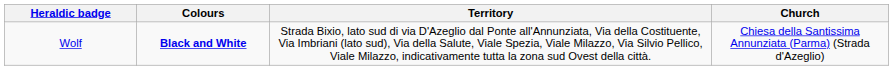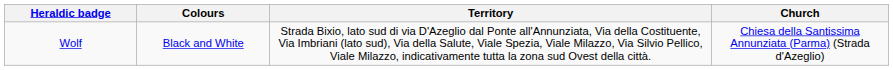 <table class="wikitable" width=100% style="text-align: center;">
 <tr>
 <th width=15%><a href='#'>Heraldic badge</a></th>
 <th width=15%>Colours</th>
 <th width=50%>Territory</th>
 <th width=20%>Church</th>
 </tr>
 <tr>
 <td><a href='#'>Wolf</a></td>
-<td><strong><a href='#'>Black and White</a></strong></td>
+<td><a href='#'>Black and White</a></td>
 <td>Strada Bixio, lato sud di via D'Azeglio dal Ponte all'Annunziata, Via della Costituente, Via Imbriani (lato sud), Via della Salute, Viale Spezia, Viale Milazzo, Via Silvio Pellico, Viale Milazzo, indicativamente tutta la zona sud Ovest della città.</td>
 <td><a href='#'>Chiesa della Santissima Annunziata (Parma)</a> (Strada d'Azeglio)</td>
 </tr>
 </table>
